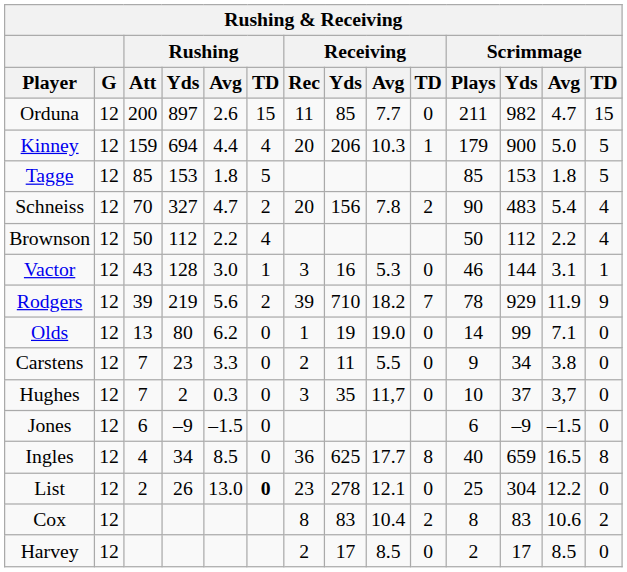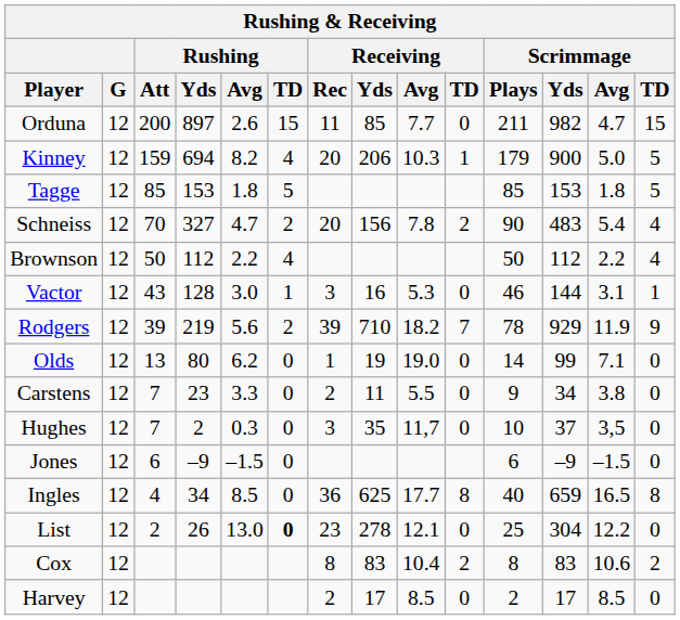 <table class="wikitable" style="text-align:center">
 <tr>
 <th colspan="14">Rushing & Receiving</th>
 </tr>
 <tr>
 <th colspan="2"></th>
 <th colspan="4">Rushing</th>
 <th colspan="4">Receiving</th>
 <th colspan="4">Scrimmage</th>
 </tr>
 <tr>
 <th>Player</th>
 <th>G</th>
 <th>Att</th>
 <th>Yds</th>
 <th>Avg</th>
 <th>TD</th>
 <th>Rec</th>
 <th>Yds</th>
 <th>Avg</th>
 <th>TD</th>
 <th>Plays</th>
 <th>Yds</th>
 <th>Avg</th>
 <th>TD</th>
 </tr>
 <tr>
 <td>Orduna</td>
 <td>12</td>
 <td>200</td>
 <td>897</td>
 <td>2.6</td>
 <td>15</td>
 <td>11</td>
 <td>85</td>
 <td>7.7</td>
 <td>0</td>
 <td>211</td>
 <td>982</td>
 <td>4.7</td>
 <td>15</td>
 </tr>
 <tr>
 <td><a href='#'>Kinney</a></td>
 <td>12</td>
 <td>159</td>
 <td>694</td>
-<td>4.4</td>
+<td>8.2</td>
 <td>4</td>
 <td>20</td>
 <td>206</td>
 <td>10.3</td>
 <td>1</td>
 <td>179</td>
 <td>900</td>
 <td>5.0</td>
 <td>5</td>
 </tr>
 <tr>
 <td><a href='#'>Tagge</a></td>
 <td>12</td>
 <td>85</td>
 <td>153</td>
 <td>1.8</td>
 <td>5</td>
 <td></td>
 <td></td>
 <td></td>
 <td></td>
 <td>85</td>
 <td>153</td>
 <td>1.8</td>
 <td>5</td>
 </tr>
 <tr>
 <td>Schneiss</td>
 <td>12</td>
 <td>70</td>
 <td>327</td>
 <td>4.7</td>
 <td>2</td>
 <td>20</td>
 <td>156</td>
 <td>7.8</td>
 <td>2</td>
 <td>90</td>
 <td>483</td>
 <td>5.4</td>
 <td>4</td>
 </tr>
 <tr>
 <td>Brownson</td>
 <td>12</td>
 <td>50</td>
 <td>112</td>
 <td>2.2</td>
 <td>4</td>
 <td></td>
 <td></td>
 <td></td>
 <td></td>
 <td>50</td>
 <td>112</td>
 <td>2.2</td>
 <td>4</td>
 </tr>
 <tr>
 <td><a href='#'>Vactor</a></td>
 <td>12</td>
 <td>43</td>
 <td>128</td>
 <td>3.0</td>
 <td>1</td>
 <td>3</td>
 <td>16</td>
 <td>5.3</td>
 <td>0</td>
 <td>46</td>
 <td>144</td>
 <td>3.1</td>
 <td>1</td>
 </tr>
 <tr>
 <td><a href='#'>Rodgers</a></td>
 <td>12</td>
 <td>39</td>
 <td>219</td>
 <td>5.6</td>
 <td>2</td>
 <td>39</td>
 <td>710</td>
 <td>18.2</td>
 <td>7</td>
 <td>78</td>
 <td>929</td>
 <td>11.9</td>
 <td>9</td>
 </tr>
 <tr>
 <td><a href='#'>Olds</a></td>
 <td>12</td>
 <td>13</td>
 <td>80</td>
 <td>6.2</td>
 <td>0</td>
 <td>1</td>
 <td>19</td>
 <td>19.0</td>
 <td>0</td>
 <td>14</td>
 <td>99</td>
 <td>7.1</td>
 <td>0</td>
 </tr>
 <tr>
 <td>Carstens</td>
 <td>12</td>
 <td>7</td>
 <td>23</td>
 <td>3.3</td>
 <td>0</td>
 <td>2</td>
 <td>11</td>
 <td>5.5</td>
 <td>0</td>
 <td>9</td>
 <td>34</td>
 <td>3.8</td>
 <td>0</td>
 </tr>
 <tr>
 <td>Hughes</td>
 <td>12</td>
 <td>7</td>
 <td>2</td>
 <td>0.3</td>
 <td>0</td>
 <td>3</td>
 <td>35</td>
 <td>11,7</td>
 <td>0</td>
 <td>10</td>
 <td>37</td>
-<td>3,7</td>
+<td>3,5</td>
 <td>0</td>
 </tr>
 <tr>
 <td>Jones</td>
 <td>12</td>
 <td>6</td>
 <td>–9</td>
 <td>–1.5</td>
 <td>0</td>
 <td></td>
 <td></td>
 <td></td>
 <td></td>
 <td>6</td>
 <td>–9</td>
 <td>–1.5</td>
 <td>0</td>
 </tr>
 <tr>
 <td>Ingles</td>
 <td>12</td>
 <td>4</td>
 <td>34</td>
 <td>8.5</td>
 <td>0</td>
 <td>36</td>
 <td>625</td>
 <td>17.7</td>
 <td>8</td>
 <td>40</td>
 <td>659</td>
 <td>16.5</td>
 <td>8</td>
 </tr>
 <tr>
 <td>List</td>
 <td>12</td>
 <td>2</td>
 <td>26</td>
 <td>13.0</td>
 <td><strong>0</strong></td>
 <td>23</td>
 <td>278</td>
 <td>12.1</td>
 <td>0</td>
 <td>25</td>
 <td>304</td>
 <td>12.2</td>
 <td>0</td>
 </tr>
 <tr>
 <td>Cox</td>
 <td>12</td>
 <td></td>
 <td></td>
 <td></td>
 <td></td>
 <td>8</td>
 <td>83</td>
 <td>10.4</td>
 <td>2</td>
 <td>8</td>
 <td>83</td>
 <td>10.6</td>
 <td>2</td>
 </tr>
 <tr>
 <td>Harvey</td>
 <td>12</td>
 <td></td>
 <td></td>
 <td></td>
 <td></td>
 <td>2</td>
 <td>17</td>
 <td>8.5</td>
 <td>0</td>
 <td>2</td>
 <td>17</td>
 <td>8.5</td>
 <td>0</td>
 </tr>
 </table>
